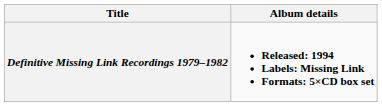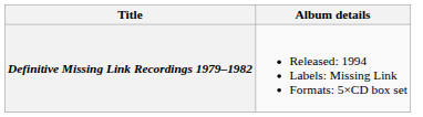 <table class="wikitable plainrowheaders" style="text-align:left">
 <tr>
 <th scope="col">Title</th>
 <th scope="col">Album details</th>
 </tr>
 <tr>
 <th scope="row"><em>Definitive Missing Link Recordings 1979–1982</em></th>
-<td><strong><br><ul><li>Released: 1994 </li><li>Labels: Missing Link </li><li>Formats: 5×CD box set</li></ul></strong></td>
+<td><br><ul><li>Released: 1994 </li><li>Labels: Missing Link </li><li>Formats: 5×CD box set</li></ul></td>
 </tr>
 </table>
